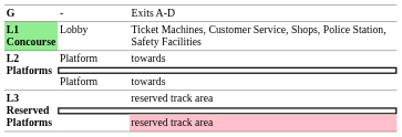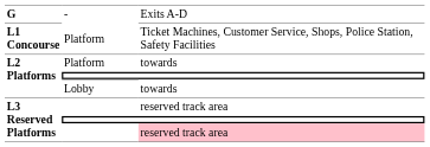 <table border=0 cellspacing=0 cellpadding=3>
 <tr>
 <td style="border-top:solid 1px gray;" width=50 valign=top><strong>G</strong></td>
 <td style="border-top:solid 1px gray;" width=100 valign=top>-</td>
 <td style="border-top:solid 1px gray;" width=390 valign=top>Exits A-D</td>
 </tr>
 <tr>
-<td style="background: lightgreen; border-bottom:solid 1px gray; border-top:solid 1px gray;" valign=top><strong>L1<br>Concourse</strong></td>
-<td style="border-bottom:solid 1px gray; border-top:solid 1px gray;" valign=top>Lobby</td>
+<td style="border-bottom:solid 1px gray; border-top:solid 1px gray;" valign=top><strong>L1<br>Concourse</strong></td>
+<td style="border-bottom:solid 1px gray;">Platform </td>
 <td style="border-bottom:solid 1px gray; border-top:solid 1px gray;" valign=top>Ticket Machines, Customer Service, Shops, Police Station, Safety Facilities</td>
 </tr>
 <tr>
 <td style="border-bottom:solid 1px gray;" rowspan=3 valign=top><strong>L2<br>Platforms</strong></td>
 <td>Platform </td>
 <td>  towards  </td>
 </tr>
 <tr>
 <td style="border-right:solid 2px black;border-left:solid 2px black;border-top:solid 2px black;border-bottom:solid 2px black;text-align:center;" colspan=2></td>
 </tr>
 <tr>
-<td style="border-bottom:solid 1px gray;">Platform </td>
+<td style="border-bottom:solid 1px gray; border-top:solid 1px gray;" valign=top>Lobby</td>
 <td style="border-bottom:solid 1px gray;"> towards   </td>
 </tr>
 <tr>
 <td style="border-bottom:solid 1px gray;" rowspan=3 valign=top><strong>L3<br>Reserved Platforms</strong></td>
 <td></td>
 <td> reserved track area</td>
 </tr>
 <tr>
 <td style="border-right:solid 2px black;border-left:solid 2px black;border-top:solid 2px black;border-bottom:solid 2px black;text-align:center;" colspan=2></td>
 </tr>
 <tr>
 <td style="border-bottom:solid 1px gray;"></td>
 <td style="background: pink; border-bottom:solid 1px gray;"> reserved track area</td>
 </tr>
 </table>
